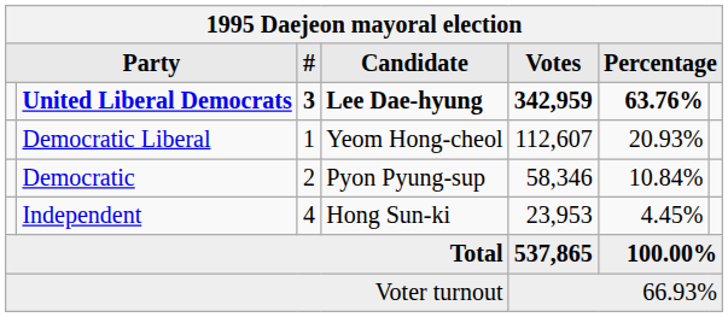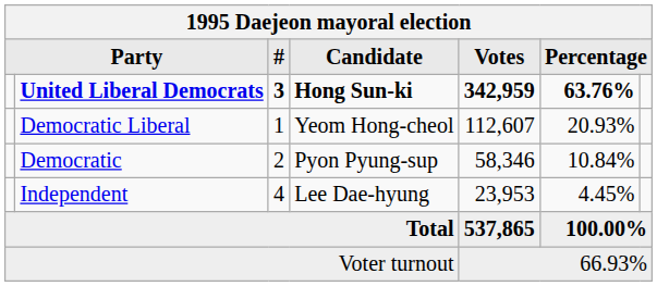 <table class="wikitable">
 <tr>
 <th colspan="7">1995 Daejeon mayoral election</th>
 </tr>
 <tr>
 <th style="background-color:#E9E9E9" colspan=2>Party</th>
 <th style="background-color:#E9E9E9">#</th>
 <th style="background-color:#E9E9E9">Candidate</th>
 <th style="background-color:#E9E9E9">Votes</th>
 <th style="background-color:#E9E9E9" colspan=2>Percentage</th>
 </tr>
 <tr style="font-weight:bold">
 <td></td>
 <td align=left><a href='#'>United Liberal Democrats</a></td>
 <td align=center>3</td>
-<td align=left>Lee Dae-hyung</td>
+<td align=left>Hong Sun-ki</td>
 <td align=right>342,959</td>
 <td align=right>63.76%</td>
 <td align=right></td>
 </tr>
 <tr>
 <td></td>
 <td align=left><a href='#'>Democratic Liberal</a></td>
 <td align=center>1</td>
 <td align=left>Yeom Hong-cheol</td>
 <td align=right>112,607</td>
 <td align=right>20.93%</td>
 <td align=right></td>
 </tr>
 <tr>
 <td></td>
 <td align=left><a href='#'>Democratic</a></td>
 <td align=center>2</td>
 <td align=left>Pyon Pyung-sup</td>
 <td align=right>58,346</td>
 <td align=right>10.84%</td>
 <td align=right></td>
 </tr>
 <tr>
 <td></td>
 <td align=left><a href='#'>Independent</a></td>
 <td align=center>4</td>
-<td align=left>Hong Sun-ki</td>
+<td align=left>Lee Dae-hyung</td>
 <td align=right>23,953</td>
 <td align=right>4.45%</td>
 <td align=right></td>
 </tr>
 <tr bgcolor="#EEEEEE" style="font-weight:bold">
 <td colspan="4" align=right>Total</td>
 <td align=right>537,865</td>
 <td align=right colspan=2>100.00%</td>
 </tr>
 <tr bgcolor="#EEEEEE">
 <td colspan="4" align="right">Voter turnout</td>
 <td colspan="3" align="right">66.93%</td>
 </tr>
 </table>
